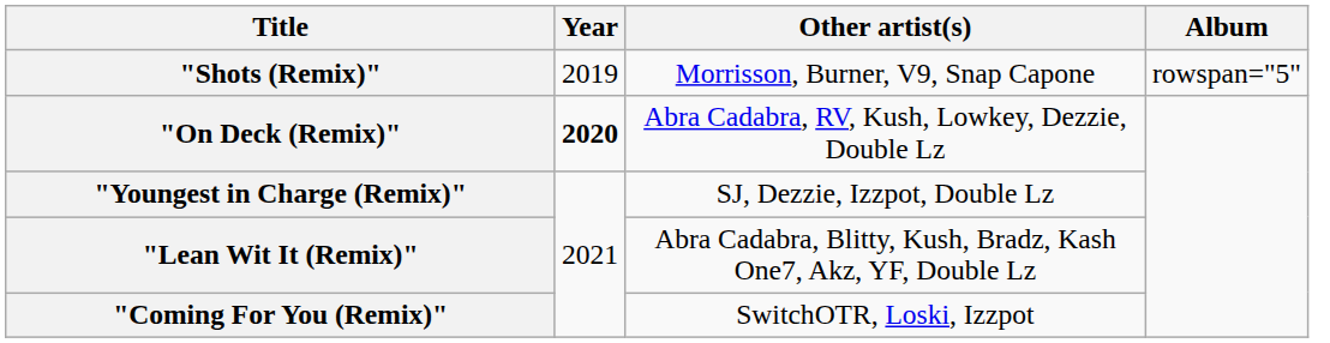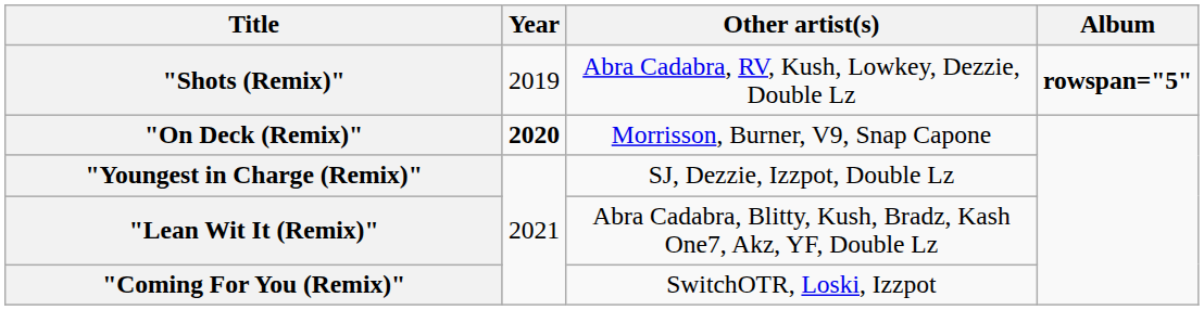 <table class="wikitable plainrowheaders" style="text-align:center;">
 <tr>
 <th scope="col" style="width:19em;">Title</th>
 <th scope="col" style="width:1em;">Year</th>
 <th scope="col" style="width:18em;">Other artist(s)</th>
 <th scope="col">Album</th>
 </tr>
 <tr>
 <th scope="row">"Shots (Remix)"</th>
 <td>2019</td>
-<td><a href='#'>Morrisson</a>, Burner, V9, Snap Capone</td>
-<td>rowspan="5" </td>
+<td><a href='#'>Abra Cadabra</a>, <a href='#'>RV</a>, Kush, Lowkey, Dezzie, Double Lz</td>
+<td><strong>rowspan="5" </strong></td>
 </tr>
 <tr>
 <th scope="row">"On Deck (Remix)"</th>
 <td><strong>2020</strong></td>
-<td><a href='#'>Abra Cadabra</a>, <a href='#'>RV</a>, Kush, Lowkey, Dezzie, Double Lz</td>
+<td><a href='#'>Morrisson</a>, Burner, V9, Snap Capone</td>
 </tr>
 <tr>
 <th scope="row">"Youngest in Charge (Remix)"</th>
 <td rowspan="3">2021</td>
 <td>SJ, Dezzie, Izzpot, Double Lz</td>
 </tr>
 <tr>
 <th scope="row">"Lean Wit It (Remix)"</th>
 <td>Abra Cadabra, Blitty, Kush, Bradz, Kash One7, Akz, YF, Double Lz</td>
 </tr>
 <tr>
 <th scope="row">"Coming For You (Remix)"</th>
 <td>SwitchOTR, <a href='#'>Loski</a>, Izzpot</td>
 </tr>
 </table>
